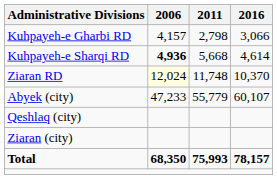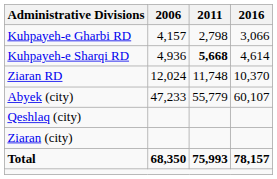 <table class="wikitable">
 <tr>
 <th>Administrative Divisions</th>
 <th>2006</th>
 <th>2011</th>
 <th>2016</th>
 </tr>
 <tr>
 <td><a href='#'>Kuhpayeh-e Gharbi RD</a></td>
 <td style="text-align: right;">4,157</td>
 <td style="text-align: right;">2,798</td>
 <td style="text-align: right;">3,066</td>
 </tr>
 <tr>
 <td><a href='#'>Kuhpayeh-e Sharqi RD</a></td>
-<td style="text-align: right;"><strong>4,936</strong></td>
-<td style="text-align: right;">5,668</td>
+<td style="text-align: right;">4,936</td>
+<td style="text-align: right;"><strong>5,668</strong></td>
 <td style="text-align: right;">4,614</td>
 </tr>
 <tr>
 <td><a href='#'>Ziaran RD</a></td>
-<td style="background: lightyellow; text-align: right;">12,024</td>
+<td style="text-align: right;">12,024</td>
 <td style="text-align: right;">11,748</td>
 <td style="text-align: right;">10,370</td>
 </tr>
 <tr>
 <td><a href='#'>Abyek</a> (city)</td>
 <td style="text-align: right;">47,233</td>
 <td style="text-align: right;">55,779</td>
 <td style="text-align: right;">60,107</td>
 </tr>
 <tr>
 <td><a href='#'>Qeshlaq</a> (city)</td>
 <td style="text-align: right;"></td>
 <td style="text-align: right;"></td>
 <td style="text-align: right;"></td>
 </tr>
 <tr>
 <td><a href='#'>Ziaran</a> (city)</td>
 <td style="text-align: right;"></td>
 <td style="text-align: right;"></td>
 <td style="text-align: right;"></td>
 </tr>
 <tr>
 <td><strong>Total</strong></td>
 <td style="text-align: right;"><strong>68,350</strong></td>
 <td style="text-align: right;"><strong>75,993</strong></td>
 <td style="text-align: right;"><strong>78,157</strong></td>
 </tr>
 <tr>
 <td colspan=4></td>
 </tr>
 </table>
